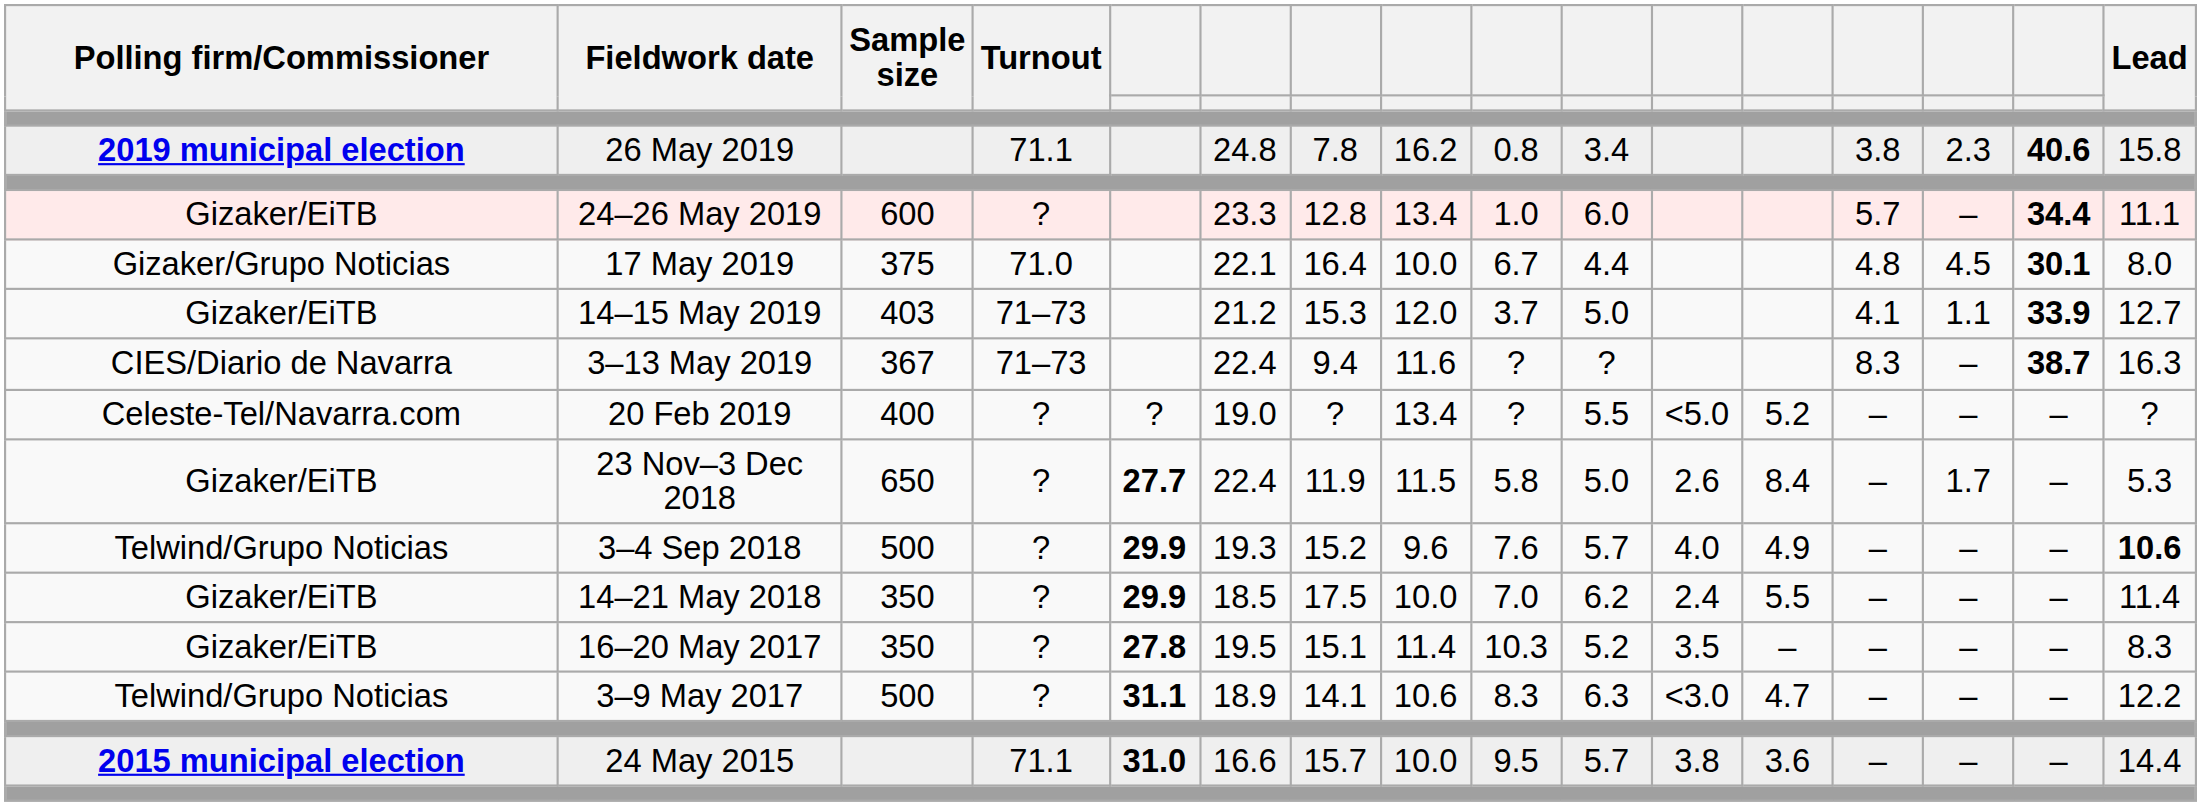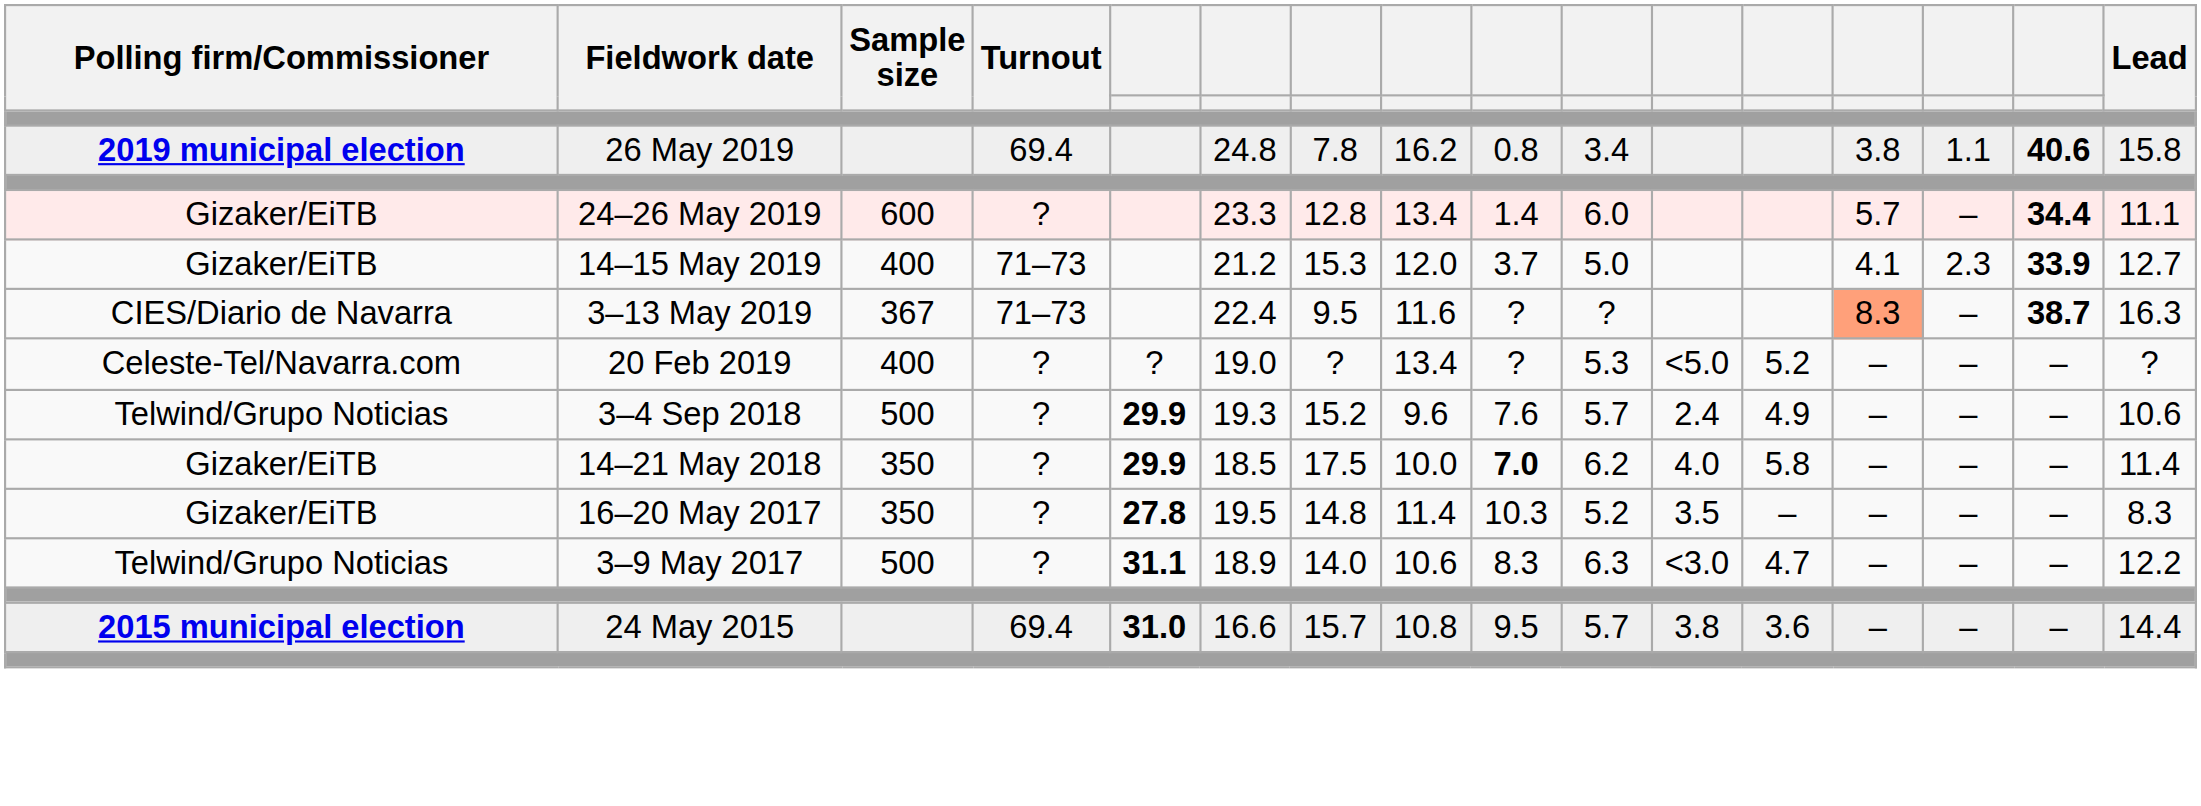 <table class="wikitable collapsible collapsed" style="text-align:center; font-size:95%; line-height:16px;">
 <tr style="height:42px;">
 <th style="width:250px;" rowspan="2">Polling firm/Commissioner</th>
 <th style="width:125px;" rowspan="2">Fieldwork date</th>
 <th style="width:50px;" rowspan="2">Sample size</th>
 <th style="width:45px;" rowspan="2">Turnout</th>
 <th style="width:35px;"></th>
 <th style="width:35px;"></th>
 <th style="width:35px;"></th>
 <th style="width:35px;"></th>
 <th style="width:35px;"></th>
 <th style="width:35px;"></th>
 <th style="width:35px;"></th>
 <th style="width:35px;"></th>
 <th style="width:35px;"></th>
 <th style="width:35px;"></th>
 <th style="width:35px;"></th>
 <th style="width:30px;" rowspan="2">Lead</th>
 </tr>
 <tr>
 <th style="color:inherit;background:"></th>
 <th style="color:inherit;background:"></th>
 <th style="color:inherit;background:"></th>
 <th style="color:inherit;background:"></th>
 <th style="color:inherit;background:"></th>
 <th style="color:inherit;background:"></th>
 <th style="color:inherit;background:"></th>
 <th style="color:inherit;background:"></th>
 <th style="color:inherit;background:"></th>
 <th style="color:inherit;background:"></th>
 <th style="color:inherit;background:"></th>
 </tr>
 <tr>
 <td colspan="16" style="background:#A0A0A0"></td>
 </tr>
 <tr style="background:#EFEFEF;">
 <td><strong><a href='#'>2019 municipal election</a></strong></td>
 <td>26 May 2019</td>
 <td></td>
-<td>71.1</td>
+<td>69.4</td>
 <td></td>
 <td>24.8<br></td>
 <td>7.8<br></td>
 <td>16.2<br></td>
 <td>0.8<br></td>
 <td>3.4<br></td>
 <td></td>
 <td></td>
 <td>3.8<br></td>
-<td>2.3<br></td>
+<td>1.1<br></td>
 <td><strong>40.6</strong><br></td>
 <td style="background:">15.8</td>
 </tr>
 <tr>
 <td colspan="16" style="background:#A0A0A0"></td>
 </tr>
 <tr style="background:#FFEAEA;">
 <td>Gizaker/EiTB</td>
 <td>24–26 May 2019</td>
 <td>600</td>
 <td>?</td>
 <td></td>
 <td>23.3<br></td>
 <td>12.8<br></td>
 <td>13.4<br></td>
-<td>1.0<br></td>
+<td>1.4<br></td>
 <td>6.0<br></td>
 <td></td>
 <td></td>
 <td>5.7<br></td>
 <td>–</td>
 <td><strong>34.4</strong><br></td>
 <td style="background:">11.1</td>
 </tr>
 <tr>
-<td>Gizaker/Grupo Noticias</td>
-<td>17 May 2019</td>
-<td>375</td>
-<td>71.0</td>
-<td></td>
-<td>22.1<br></td>
-<td>16.4<br></td>
-<td>10.0<br></td>
-<td>6.7<br></td>
-<td>4.4<br></td>
-<td></td>
-<td></td>
-<td>4.8<br></td>
-<td>4.5<br></td>
-<td><strong>30.1</strong><br></td>
-<td style="background:">8.0</td>
-</tr>
-<tr>
 <td>Gizaker/EiTB</td>
 <td>14–15 May 2019</td>
-<td>403</td>
+<td>400</td>
 <td>71–73</td>
 <td></td>
 <td>21.2<br></td>
 <td>15.3<br></td>
 <td>12.0<br></td>
 <td>3.7<br></td>
 <td>5.0<br></td>
 <td></td>
 <td></td>
 <td>4.1<br></td>
-<td>1.1<br></td>
+<td>2.3<br></td>
 <td><strong>33.9</strong><br></td>
 <td style="background:">12.7</td>
 </tr>
 <tr>
 <td>CIES/Diario de Navarra</td>
 <td>3–13 May 2019</td>
 <td>367</td>
 <td>71–73</td>
 <td></td>
 <td>22.4<br></td>
-<td>9.4<br></td>
+<td>9.5<br></td>
 <td>11.6<br></td>
 <td>?<br></td>
 <td>?<br></td>
 <td></td>
 <td></td>
-<td>8.3<br></td>
+<td style="background: lightsalmon;">8.3<br></td>
 <td>–</td>
 <td><strong>38.7</strong><br></td>
 <td style="background:">16.3</td>
 </tr>
 <tr>
 <td>Celeste-Tel/Navarra.com</td>
 <td>20 Feb 2019</td>
 <td>400</td>
 <td>?</td>
 <td>?<br></td>
 <td>19.0<br></td>
 <td>?<br></td>
 <td>13.4<br></td>
 <td>?<br></td>
-<td>5.5<br></td>
+<td>5.3<br></td>
 <td><5.0<br></td>
 <td>5.2<br></td>
 <td>–</td>
 <td>–</td>
 <td>–</td>
 <td style="background:">?</td>
-</tr>
-<tr>
-<td>Gizaker/EiTB</td>
-<td>23 Nov–3 Dec 2018</td>
-<td>650</td>
-<td>?</td>
-<td><strong>27.7</strong><br></td>
-<td>22.4<br></td>
-<td>11.9<br></td>
-<td>11.5<br></td>
-<td>5.8<br></td>
-<td>5.0<br></td>
-<td>2.6<br></td>
-<td>8.4<br></td>
-<td>–</td>
-<td>1.7<br></td>
-<td>–</td>
-<td style="background:">5.3</td>
 </tr>
 <tr>
 <td>Telwind/Grupo Noticias</td>
 <td>3–4 Sep 2018</td>
 <td>500</td>
 <td>?</td>
 <td><strong>29.9</strong><br></td>
 <td>19.3<br></td>
 <td>15.2<br></td>
 <td>9.6<br></td>
 <td>7.6<br></td>
 <td>5.7<br></td>
-<td>4.0<br></td>
+<td>2.4<br></td>
 <td>4.9<br></td>
 <td>–</td>
 <td>–</td>
 <td>–</td>
-<td style="background:"><strong>10.6</strong></td>
+<td style="background:">10.6</td>
 </tr>
 <tr>
 <td>Gizaker/EiTB</td>
 <td>14–21 May 2018</td>
 <td>350</td>
 <td>?</td>
 <td><strong>29.9</strong><br></td>
 <td>18.5<br></td>
 <td>17.5<br></td>
 <td>10.0<br></td>
-<td>7.0<br></td>
+<td><strong>7.0<br></strong></td>
 <td>6.2<br></td>
-<td>2.4<br></td>
-<td>5.5<br></td>
+<td>4.0<br></td>
+<td>5.8<br></td>
 <td>–</td>
 <td>–</td>
 <td>–</td>
 <td style="background:">11.4</td>
 </tr>
 <tr>
 <td>Gizaker/EiTB</td>
 <td>16–20 May 2017</td>
 <td>350</td>
 <td>?</td>
 <td><strong>27.8</strong><br></td>
 <td>19.5<br></td>
-<td>15.1<br></td>
+<td>14.8<br></td>
 <td>11.4<br></td>
 <td>10.3<br></td>
 <td>5.2<br></td>
 <td>3.5<br></td>
 <td>–</td>
 <td>–</td>
 <td>–</td>
 <td>–</td>
 <td style="background:">8.3</td>
 </tr>
 <tr>
 <td>Telwind/Grupo Noticias</td>
 <td>3–9 May 2017</td>
 <td>500</td>
 <td>?</td>
 <td><strong>31.1</strong><br></td>
 <td>18.9<br></td>
-<td>14.1<br></td>
+<td>14.0<br></td>
 <td>10.6<br></td>
 <td>8.3<br></td>
 <td>6.3<br></td>
 <td><3.0<br></td>
 <td>4.7<br></td>
 <td>–</td>
 <td>–</td>
 <td>–</td>
 <td style="background:">12.2</td>
 </tr>
 <tr>
 <td colspan="16" style="background:#A0A0A0"></td>
 </tr>
 <tr style="background:#EFEFEF;">
 <td><strong><a href='#'>2015 municipal election</a></strong></td>
 <td>24 May 2015</td>
 <td></td>
-<td>71.1</td>
+<td>69.4</td>
 <td><strong>31.0</strong><br></td>
 <td>16.6<br></td>
 <td>15.7<br></td>
-<td>10.0<br></td>
+<td>10.8<br></td>
 <td>9.5<br></td>
 <td>5.7<br></td>
 <td>3.8<br></td>
 <td>3.6<br></td>
 <td>–</td>
 <td>–</td>
 <td>–</td>
 <td style="background:">14.4</td>
 </tr>
 <tr>
 <td colspan="16" style="background:#A0A0A0"></td>
 </tr>
 </table>
